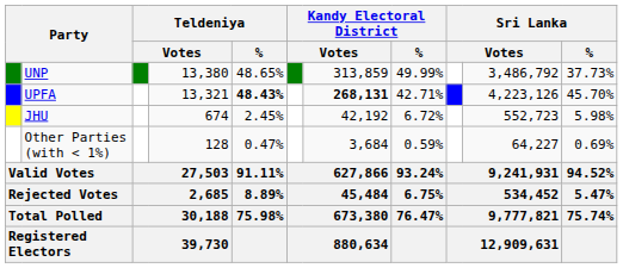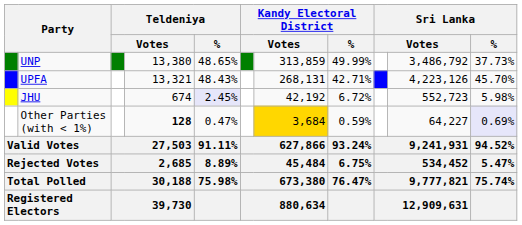 <table class="wikitable">
 <tr>
 <th colspan="2" width="144px"rowspan="2">Party</th>
 <th colspan="3" width="216px">Teldeniya</th>
 <th colspan="3" width="216px"><a href='#'>Kandy Electoral District</a></th>
 <th colspan="3" width="216px">Sri Lanka</th>
 </tr>
 <tr>
 <th colspan="2" width="144px">Votes</th>
 <th>%</th>
 <th colspan="2" width="144px">Votes</th>
 <th>%</th>
 <th colspan="2" width="144px">Votes</th>
 <th>%</th>
 </tr>
 <tr>
 <td style="background-color:green;" width="10px"></td>
 <td style="text-align:left;"><a href='#'>UNP</a></td>
 <td style="background-color:green;" width="10px"></td>
 <td style="text-align:right;">13,380</td>
 <td style="text-align:right;">48.65%</td>
 <td style="background-color:green;" width="10px"></td>
 <td style="text-align:right;">313,859</td>
 <td style="text-align:right;">49.99%</td>
 <td style="background-color:white;" width="10px"></td>
 <td style="text-align:right;">3,486,792</td>
 <td style="text-align:right;">37.73%</td>
 </tr>
 <tr>
 <td style="background-color:blue;" width="10px"></td>
 <td style="text-align:left;"><a href='#'>UPFA</a></td>
 <td style="background-color:white;" width="10px"></td>
 <td style="text-align:right;">13,321</td>
-<td style="text-align:right;"><strong>48.43%</strong></td>
+<td style="text-align:right;">48.43%</td>
 <td style="background-color:white;" width="10px"></td>
-<td style="text-align:right;"><strong>268,131</strong></td>
+<td style="text-align:right;">268,131</td>
 <td style="text-align:right;">42.71%</td>
 <td style="background-color:blue;" width="10px"></td>
 <td style="text-align:right;">4,223,126</td>
 <td style="text-align:right;">45.70%</td>
 </tr>
 <tr>
 <td style="background-color:yellow;" width="10px"></td>
 <td style="text-align:left;"><a href='#'>JHU</a></td>
 <td style="background-color:white;" width="10px"></td>
 <td style="text-align:right;">674</td>
-<td style="text-align:right;">2.45%</td>
+<td style="background: lavender; text-align:right;">2.45%</td>
 <td style="background-color:white;" width="10px"></td>
 <td style="text-align:right;">42,192</td>
 <td style="text-align:right;">6.72%</td>
 <td style="background-color:white;" width="10px"></td>
 <td style="text-align:right;">552,723</td>
 <td style="text-align:right;">5.98%</td>
 </tr>
 <tr>
 <td style="background-color:white;" width="10px"></td>
 <td style="text-align:left;">Other Parties (with < 1%)</td>
 <td style="background-color:white;" width="10px"></td>
-<td style="text-align:right;">128</td>
+<td style="text-align:right;"><strong>128</strong></td>
 <td style="text-align:right;">0.47%</td>
 <td style="background-color:white;" width="10px"></td>
-<td style="text-align:right;">3,684</td>
+<td style="background: gold; text-align:right;">3,684</td>
 <td style="text-align:right;">0.59%</td>
 <td style="background-color:white;" width="10px"></td>
 <td style="text-align:right;">64,227</td>
-<td style="text-align:right;">0.69%</td>
+<td style="background: lavender; text-align:right;">0.69%</td>
 </tr>
 <tr>
 <th colspan="2" width="144px"style="text-align:left;">Valid Votes</th>
 <th style="text-align:right;"colspan="2" width="144px">27,503</th>
 <th style="text-align:right;">91.11%</th>
 <th style="text-align:right;"colspan="2" width="144px">627,866</th>
 <th style="text-align:right;">93.24%</th>
 <th style="text-align:right;"colspan="2" width="144px">9,241,931</th>
 <th style="text-align:right;">94.52%</th>
 </tr>
 <tr>
 <th colspan="2" width="144px"style="text-align:left;">Rejected Votes</th>
 <th style="text-align:right;"colspan="2" width="144px">2,685</th>
 <th style="text-align:right;">8.89%</th>
 <th style="text-align:right;"colspan="2" width="144px">45,484</th>
 <th style="text-align:right;">6.75%</th>
 <th style="text-align:right;"colspan="2" width="144px">534,452</th>
 <th style="text-align:right;">5.47%</th>
 </tr>
 <tr>
 <th colspan="2" width="144px"style="text-align:left;">Total Polled</th>
 <th style="text-align:right;"colspan="2" width="144px">30,188</th>
 <th style="text-align:right;">75.98%</th>
 <th style="text-align:right;"colspan="2" width="144px">673,380</th>
 <th style="text-align:right;">76.47%</th>
 <th style="text-align:right;"colspan="2" width="144px">9,777,821</th>
 <th style="text-align:right;">75.74%</th>
 </tr>
 <tr>
 <th colspan="2" width="144px"style="text-align:left;">Registered Electors</th>
 <th style="text-align:right;"colspan="2" width="144px">39,730</th>
 <th></th>
 <th style="text-align:right;"colspan="2" width="144px">880,634</th>
 <th></th>
 <th style="text-align:right;"colspan="2" width="144px">12,909,631</th>
 <th></th>
 </tr>
 </table>
